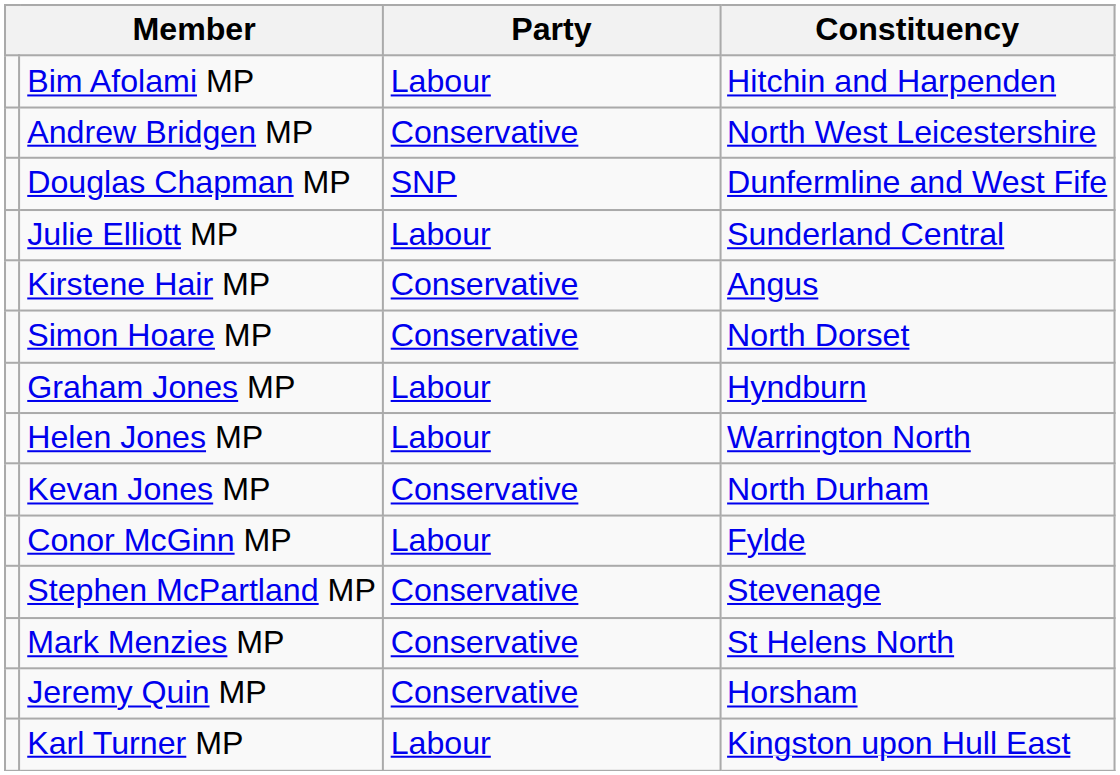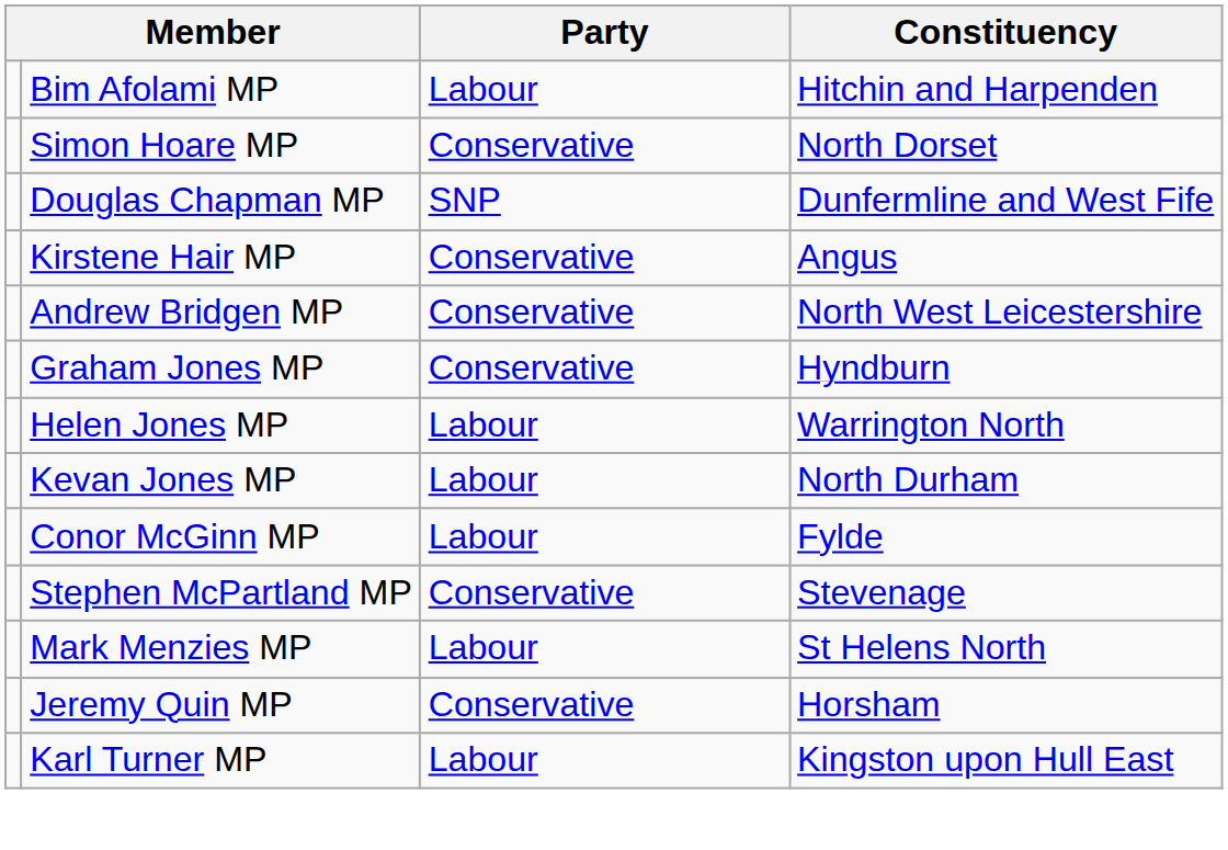 <table class="wikitable">
 <tr>
 <th width="160px" colspan="2" valign="top">Member</th>
 <th width="160px" valign="top">Party</th>
 <th valign="top">Constituency</th>
 </tr>
 <tr>
 <td style="color:inherit;background:"></td>
 <td><a href='#'>Bim Afolami</a> MP</td>
 <td><a href='#'>Labour</a></td>
 <td><a href='#'>Hitchin and Harpenden</a></td>
 </tr>
 <tr>
 <td style="color:inherit;background:"></td>
-<td><a href='#'>Andrew Bridgen</a> MP</td>
+<td><a href='#'>Simon Hoare</a> MP</td>
 <td><a href='#'>Conservative</a></td>
-<td><a href='#'>North West Leicestershire</a></td>
+<td><a href='#'>North Dorset</a></td>
 </tr>
 <tr>
 <td style="color:inherit;background:"></td>
 <td><a href='#'>Douglas Chapman</a> MP</td>
 <td><a href='#'>SNP</a></td>
 <td><a href='#'>Dunfermline and West Fife</a></td>
 </tr>
 <tr>
 <td style="color:inherit;background:"></td>
-<td><a href='#'>Julie Elliott</a> MP</td>
-<td><a href='#'>Labour</a></td>
-<td><a href='#'>Sunderland Central</a></td>
-</tr>
-<tr>
-<td style="color:inherit;background:"></td>
 <td><a href='#'>Kirstene Hair</a> MP</td>
 <td><a href='#'>Conservative</a></td>
 <td><a href='#'>Angus</a></td>
 </tr>
 <tr>
 <td style="color:inherit;background:"></td>
-<td><a href='#'>Simon Hoare</a> MP</td>
+<td><a href='#'>Andrew Bridgen</a> MP</td>
 <td><a href='#'>Conservative</a></td>
-<td><a href='#'>North Dorset</a></td>
+<td><a href='#'>North West Leicestershire</a></td>
 </tr>
 <tr>
 <td style="color:inherit;background:"></td>
 <td><a href='#'>Graham Jones</a> MP</td>
-<td><a href='#'>Labour</a></td>
+<td><a href='#'>Conservative</a></td>
 <td><a href='#'>Hyndburn</a></td>
 </tr>
 <tr>
 <td style="color:inherit;background:"></td>
 <td><a href='#'>Helen Jones</a> MP</td>
 <td><a href='#'>Labour</a></td>
 <td><a href='#'>Warrington North</a></td>
 </tr>
 <tr>
 <td style="color:inherit;background:"></td>
 <td><a href='#'>Kevan Jones</a> MP</td>
-<td><a href='#'>Conservative</a></td>
+<td><a href='#'>Labour</a></td>
 <td><a href='#'>North Durham</a></td>
 </tr>
 <tr>
 <td style="color:inherit;background:"></td>
 <td><a href='#'>Conor McGinn</a> MP</td>
 <td><a href='#'>Labour</a></td>
 <td><a href='#'>Fylde</a></td>
 </tr>
 <tr>
 <td style="color:inherit;background:"></td>
 <td><a href='#'>Stephen McPartland</a> MP</td>
 <td><a href='#'>Conservative</a></td>
 <td><a href='#'>Stevenage</a></td>
 </tr>
 <tr>
 <td style="color:inherit;background:"></td>
 <td><a href='#'>Mark Menzies</a> MP</td>
-<td><a href='#'>Conservative</a></td>
+<td><a href='#'>Labour</a></td>
 <td><a href='#'>St Helens North</a></td>
 </tr>
 <tr>
 <td style="color:inherit;background:"></td>
 <td><a href='#'>Jeremy Quin</a> MP</td>
 <td><a href='#'>Conservative</a></td>
 <td><a href='#'>Horsham</a></td>
 </tr>
 <tr>
 <td style="color:inherit;background:"></td>
 <td><a href='#'>Karl Turner</a> MP</td>
 <td><a href='#'>Labour</a></td>
 <td><a href='#'>Kingston upon Hull East</a></td>
 </tr>
 </table>
